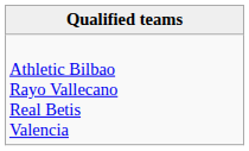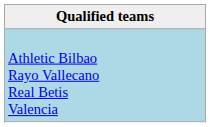 <table class="wikitable" style="font-size:90%" width=200>
 <tr bgcolor=#efefef align=center>
 <td><strong>Qualified teams</strong><br></td>
 </tr>
 <tr valign=top>
-<td><br><a href='#'>Athletic Bilbao</a><br> <a href='#'>Rayo Vallecano</a><br> <a href='#'>Real Betis</a><br> <a href='#'>Valencia</a></td>
+<td style="background: lightblue;"><br><a href='#'>Athletic Bilbao</a><br> <a href='#'>Rayo Vallecano</a><br> <a href='#'>Real Betis</a><br> <a href='#'>Valencia</a></td>
 </tr>
 </table>
